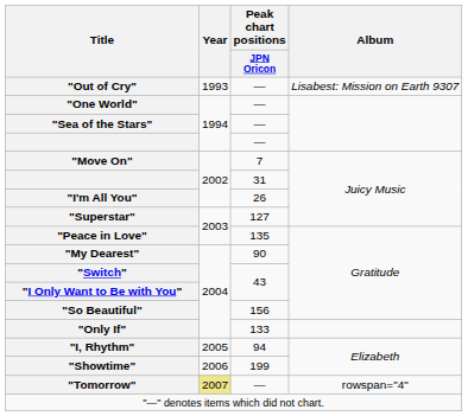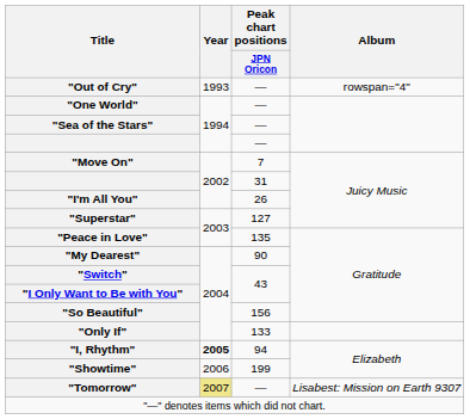 <table class="wikitable plainrowheaders" style="text-align:center;">
 <tr>
 <th scope="col" rowspan="2" style="width:16em;">Title</th>
 <th scope="col" rowspan="2">Year</th>
 <th scope="col" colspan="1">Peak chart positions</th>
 <th scope="col" rowspan="2">Album</th>
 </tr>
 <tr>
 <th style="width:3em;font-size:85%"><a href='#'>JPN<br>Oricon</a><br></th>
 </tr>
 <tr>
 <th scope="row">"Out of Cry"</th>
 <td>1993</td>
 <td>—</td>
-<td><em>Lisabest: Mission on Earth 9307</em></td>
+<td>rowspan="4" </td>
 </tr>
 <tr>
 <th scope="row">"One World"</th>
 <td rowspan="3">1994</td>
 <td>—</td>
 </tr>
 <tr>
 <th scope="row">"Sea of the Stars"</th>
 <td>—</td>
 </tr>
 <tr>
 <th scope="row"></th>
 <td>—</td>
 </tr>
 <tr>
 <th scope="row">"Move On"</th>
 <td rowspan="3">2002</td>
 <td>7</td>
 <td rowspan="4"><em>Juicy Music</em></td>
 </tr>
 <tr>
 <th scope="row"></th>
 <td>31</td>
 </tr>
 <tr>
 <th scope="row">"I'm All You"</th>
 <td>26</td>
 </tr>
 <tr>
 <th scope="row">"Superstar"</th>
 <td rowspan="2">2003</td>
 <td>127</td>
 </tr>
 <tr>
 <th scope="row">"Peace in Love"</th>
 <td>135</td>
 <td rowspan="5"><em>Gratitude</em></td>
 </tr>
 <tr>
 <th scope="row">"My Dearest"</th>
 <td rowspan="5">2004</td>
 <td>90</td>
 </tr>
 <tr>
 <th scope="row">"<a href='#'>Switch</a>" </th>
 <td rowspan="2">43</td>
 </tr>
 <tr>
 <th scope="row">"<a href='#'>I Only Want to Be with You</a>"</th>
 </tr>
 <tr>
 <th scope="row">"So Beautiful"</th>
 <td>156</td>
 </tr>
 <tr>
 <th scope="row">"Only If"</th>
 <td>133</td>
 <td></td>
 </tr>
 <tr>
 <th scope="row">"I, Rhythm"</th>
-<td>2005</td>
+<td><strong>2005</strong></td>
 <td>94</td>
 <td rowspan="2"><em>Elizabeth</em></td>
 </tr>
 <tr>
 <th scope="row">"Showtime"</th>
 <td>2006</td>
 <td>199</td>
 </tr>
 <tr>
 <th scope="row">"Tomorrow"</th>
 <td style="background: khaki;">2007</td>
 <td>—</td>
-<td>rowspan="4" </td>
+<td><em>Lisabest: Mission on Earth 9307</em></td>
 </tr>
 <tr>
 <td colspan="12" align="center" style="font-size:90%;">"—" denotes items which did not chart.</td>
 </tr>
 </table>
